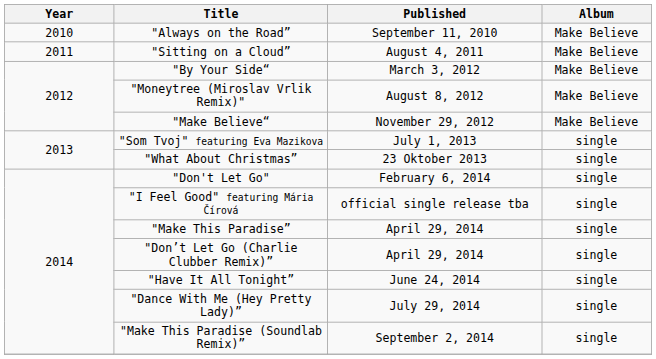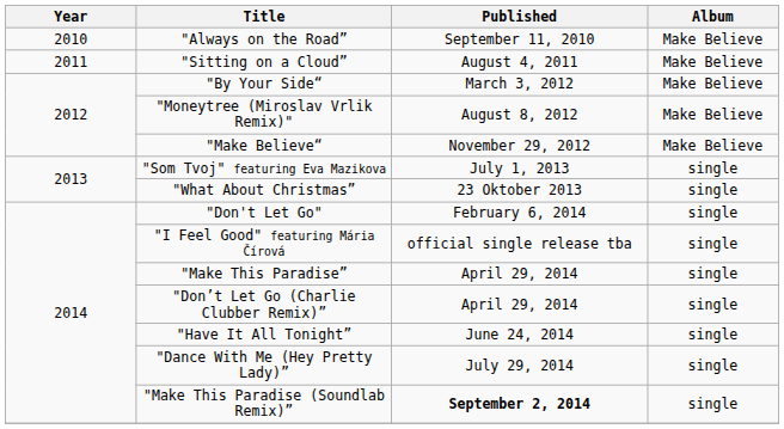 <table class="wikitable plainrowheaders" style="text-align:center;">
 <tr>
 <th style="width:9em;">Year</th>
 <th style="width:18em;">Title</th>
 <th style="width:18em;">Published</th>
 <th style="width:9em;">Album</th>
 </tr>
 <tr>
 <td>2010</td>
 <td>"Always on the Road”</td>
 <td>September 11, 2010</td>
 <td>Make Believe</td>
 </tr>
 <tr>
 <td>2011</td>
 <td>"Sitting on a Cloud”</td>
 <td>August 4, 2011</td>
 <td>Make Believe</td>
 </tr>
 <tr>
 <td rowspan="3">2012</td>
 <td>"By Your Side“</td>
 <td>March 3, 2012</td>
 <td>Make Believe</td>
 </tr>
 <tr>
 <td>"Moneytree (Miroslav Vrlik Remix)"</td>
 <td>August 8, 2012</td>
 <td>Make Believe</td>
 </tr>
 <tr>
 <td>"Make Believe“</td>
 <td>November 29, 2012</td>
 <td>Make Believe</td>
 </tr>
 <tr>
 <td rowspan="2">2013</td>
 <td>"Som Tvoj" <small>featuring Eva Mazikova</small></td>
 <td>July 1, 2013</td>
 <td>single</td>
 </tr>
 <tr>
 <td>"What About Christmas”</td>
 <td>23 Oktober 2013</td>
 <td>single</td>
 </tr>
 <tr>
 <td rowspan="7">2014</td>
 <td>"Don't Let Go"</td>
 <td>February 6, 2014</td>
 <td>single</td>
 </tr>
 <tr>
 <td>"I Feel Good" <small>featuring Mária Čírová</small></td>
 <td>official single release tba</td>
 <td>single</td>
 </tr>
 <tr>
 <td>"Make This Paradise”</td>
 <td>April 29, 2014</td>
 <td>single</td>
 </tr>
 <tr>
 <td>"Don’t Let Go (Charlie Clubber Remix)”</td>
 <td>April 29, 2014</td>
 <td>single</td>
 </tr>
 <tr>
 <td>"Have It All Tonight”</td>
 <td>June 24, 2014</td>
 <td>single</td>
 </tr>
 <tr>
 <td>"Dance With Me (Hey Pretty Lady)”</td>
 <td>July 29, 2014</td>
 <td>single</td>
 </tr>
 <tr>
 <td>"Make This Paradise (Soundlab Remix)”</td>
-<td>September 2, 2014</td>
+<td><strong>September 2, 2014</strong></td>
 <td>single</td>
 </tr>
 <tr>
 </tr>
 </table>
